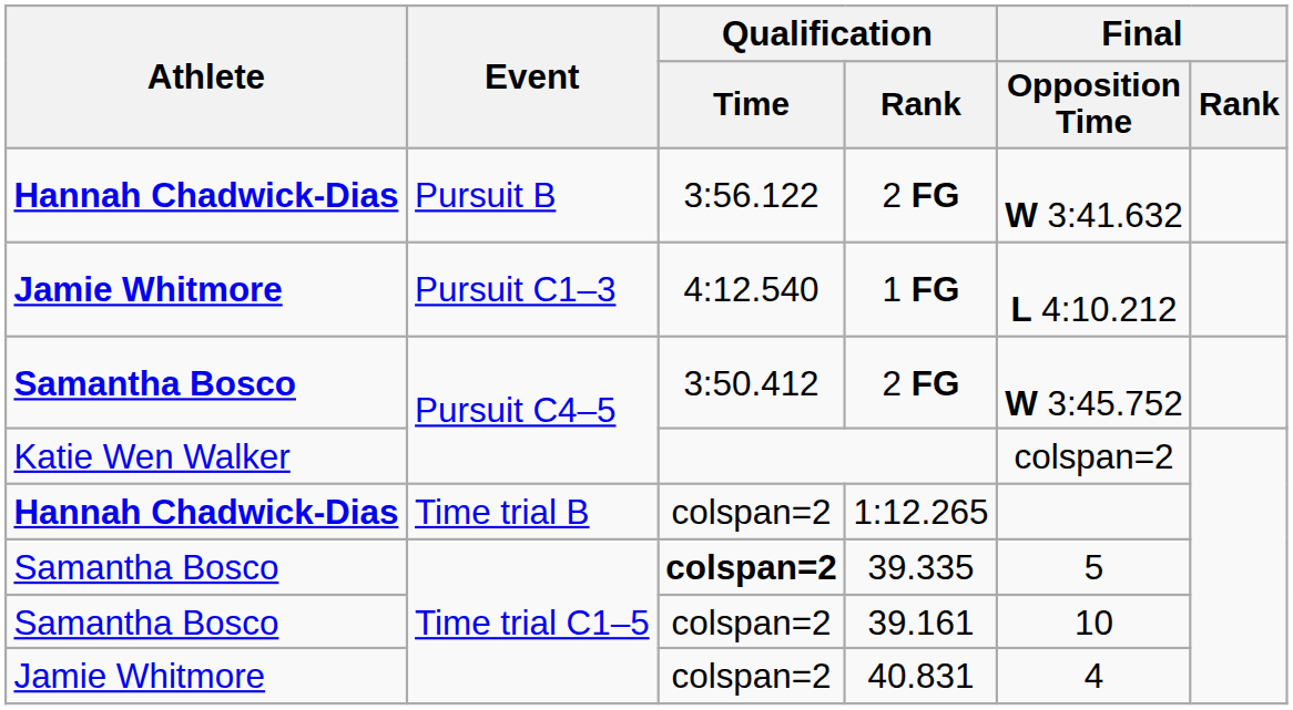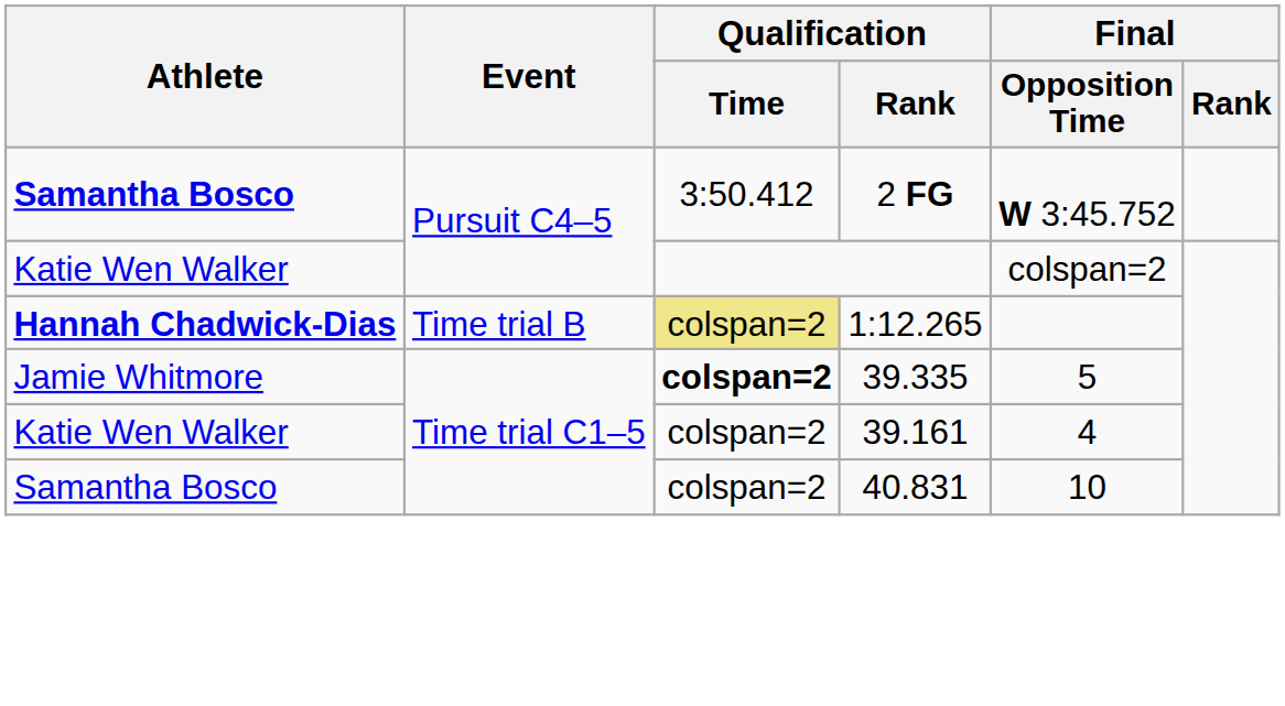 <table class=wikitable style="font-size:90%">
 <tr>
 <th rowspan="2">Athlete</th>
 <th rowspan="2">Event</th>
 <th colspan="2">Qualification</th>
 <th colspan="2">Final</th>
 </tr>
 <tr style="font-size:95%">
 <th>Time</th>
 <th>Rank</th>
 <th>Opposition<br>Time</th>
 <th>Rank</th>
-</tr>
-<tr align=center>
-<td align=left><strong><a href='#'>Hannah Chadwick-Dias</a></strong></td>
-<td align=left><a href='#'>Pursuit B</a></td>
-<td>3:56.122</td>
-<td>2 <strong>FG</strong></td>
-<td><br><strong>W</strong> 3:41.632</td>
-<td></td>
-</tr>
-<tr align=center>
-<td align=left><strong><a href='#'>Jamie Whitmore</a></strong></td>
-<td align=left><a href='#'>Pursuit C1–3</a></td>
-<td>4:12.540</td>
-<td>1 <strong>FG</strong></td>
-<td><br><strong>L</strong> 4:10.212</td>
-<td></td>
 </tr>
 <tr align=center>
 <td align=left><strong><a href='#'>Samantha Bosco</a></strong></td>
 <td align=left rowspan=2><a href='#'>Pursuit C4–5</a></td>
 <td>3:50.412</td>
 <td>2 <strong>FG</strong></td>
 <td><br><strong>W</strong> 3:45.752</td>
 <td></td>
 </tr>
 <tr align=center>
 <td align=left><a href='#'>Katie Wen Walker</a></td>
 <td colspan=2></td>
 <td>colspan=2 </td>
 </tr>
 <tr align=center>
 <td align=left><strong><a href='#'>Hannah Chadwick-Dias</a></strong></td>
 <td align=left><a href='#'>Time trial B</a></td>
-<td>colspan=2 </td>
+<td style="background: khaki;">colspan=2 </td>
 <td>1:12.265</td>
 <td></td>
 </tr>
 <tr align=center>
-<td align=left><a href='#'>Samantha Bosco</a></td>
+<td align=left><a href='#'>Jamie Whitmore</a></td>
 <td align=left rowspan=3><a href='#'>Time trial C1–5</a></td>
 <td><strong>colspan=2 </strong></td>
 <td>39.335</td>
 <td>5</td>
 </tr>
 <tr align=center>
+<td align=left><a href='#'>Katie Wen Walker</a></td>
+<td>colspan=2 </td>
+<td>39.161</td>
+<td>4</td>
+</tr>
+<tr align=center>
 <td align=left><a href='#'>Samantha Bosco</a></td>
 <td>colspan=2 </td>
-<td>39.161</td>
+<td>40.831</td>
 <td>10</td>
 </tr>
-<tr align=center>
-<td align=left><a href='#'>Jamie Whitmore</a></td>
-<td>colspan=2 </td>
-<td>40.831</td>
-<td>4</td>
-</tr>
 </table>
